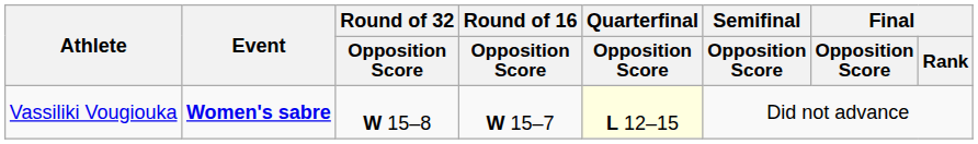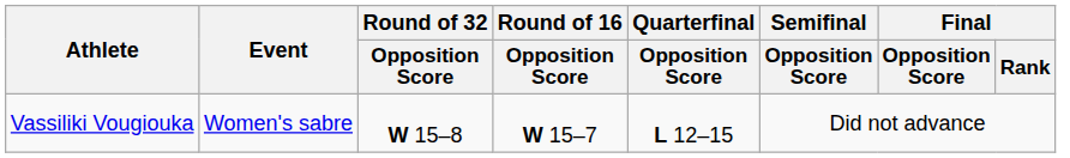 <table class="wikitable" style="font-size:90%">
 <tr>
 <th rowspan="2">Athlete</th>
 <th rowspan="2">Event</th>
 <th>Round of 32</th>
 <th>Round of 16</th>
 <th>Quarterfinal</th>
 <th>Semifinal</th>
 <th colspan=2>Final</th>
 </tr>
 <tr style="font-size:95%">
 <th>Opposition <br> Score</th>
 <th>Opposition <br> Score</th>
 <th>Opposition <br> Score</th>
 <th>Opposition <br> Score</th>
 <th>Opposition <br> Score</th>
 <th>Rank</th>
 </tr>
 <tr align=center>
 <td align=left><a href='#'>Vassiliki Vougiouka</a></td>
-<td align=left><strong><a href='#'>Women's sabre</a></strong></td>
+<td align=left><a href='#'>Women's sabre</a></td>
 <td><br><strong>W</strong> 15–8</td>
 <td><br><strong>W</strong> 15–7</td>
-<td style="background: lightyellow;"><br><strong>L</strong> 12–15</td>
+<td><br><strong>L</strong> 12–15</td>
 <td colspan=3>Did not advance</td>
 </tr>
 </table>
